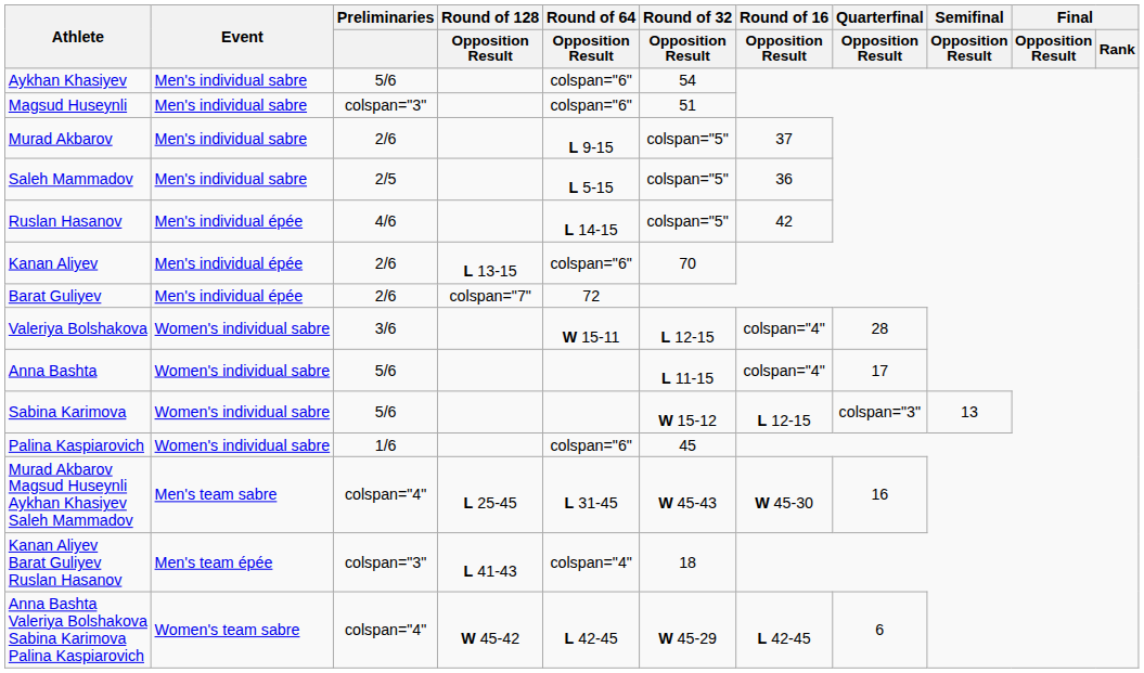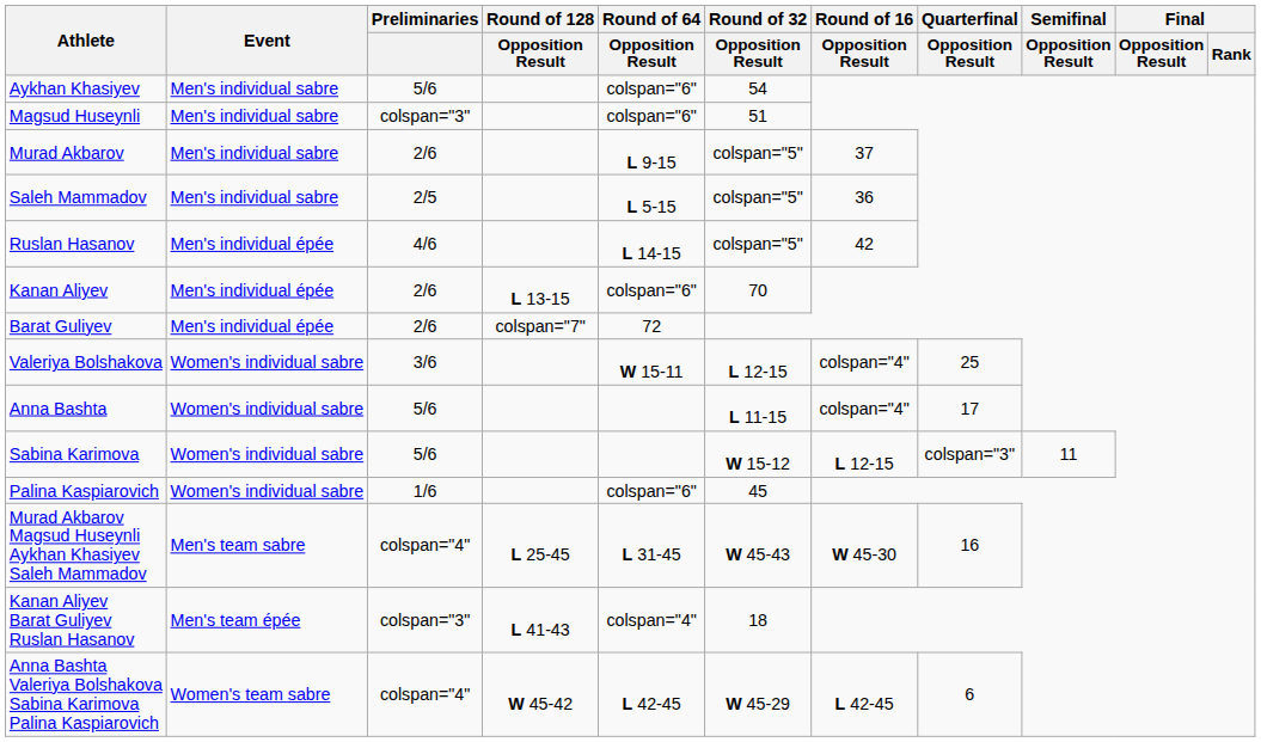 <table class="wikitable" style="text-align:center; font-size:90%">
 <tr>
 <th rowspan="2">Athlete</th>
 <th rowspan="2">Event</th>
 <th>Preliminaries</th>
 <th>Round of 128</th>
 <th>Round of 64</th>
 <th>Round of 32</th>
 <th>Round of 16</th>
 <th>Quarterfinal</th>
 <th>Semifinal</th>
 <th colspan="2">Final</th>
 </tr>
 <tr style="font-size:95%">
 <th></th>
 <th>Opposition<br>Result</th>
 <th>Opposition<br>Result</th>
 <th>Opposition<br>Result</th>
 <th>Opposition<br>Result</th>
 <th>Opposition<br>Result</th>
 <th>Opposition<br>Result</th>
 <th>Opposition<br>Result</th>
 <th>Rank</th>
 </tr>
 <tr>
 <td align="left"><a href='#'>Aykhan Khasiyev</a></td>
 <td align="left"><a href='#'>Men's individual sabre</a></td>
 <td>5/6</td>
 <td></td>
 <td>colspan="6" </td>
 <td>54</td>
 </tr>
 <tr>
 <td align="left"><a href='#'>Magsud Huseynli</a></td>
 <td align="left"><a href='#'>Men's individual sabre</a></td>
 <td>colspan="3" </td>
 <td></td>
 <td>colspan="6" </td>
 <td>51</td>
 </tr>
 <tr>
 <td align="left"><a href='#'>Murad Akbarov</a></td>
 <td align="left"><a href='#'>Men's individual sabre</a></td>
 <td>2/6</td>
 <td></td>
 <td><br><strong>L</strong> 9-15</td>
 <td>colspan="5" </td>
 <td>37</td>
 </tr>
 <tr>
 <td align="left"><a href='#'>Saleh Mammadov</a></td>
 <td align="left"><a href='#'>Men's individual sabre</a></td>
 <td>2/5</td>
 <td></td>
 <td><br><strong>L</strong> 5-15</td>
 <td>colspan="5" </td>
 <td>36</td>
 </tr>
 <tr>
 <td align="left"><a href='#'>Ruslan Hasanov</a></td>
 <td align="left"><a href='#'>Men's individual épée</a></td>
 <td>4/6</td>
 <td></td>
 <td><br><strong>L</strong> 14-15</td>
 <td>colspan="5" </td>
 <td>42</td>
 </tr>
 <tr>
 <td align="left"><a href='#'>Kanan Aliyev</a></td>
 <td align="left"><a href='#'>Men's individual épée</a></td>
 <td>2/6</td>
 <td><br><strong>L</strong> 13-15</td>
 <td>colspan="6" </td>
 <td>70</td>
 </tr>
 <tr>
 <td align="left"><a href='#'>Barat Guliyev</a></td>
 <td align="left"><a href='#'>Men's individual épée</a></td>
 <td>2/6</td>
 <td>colspan="7" </td>
 <td>72</td>
 </tr>
 <tr>
 <td align="left"><a href='#'>Valeriya Bolshakova</a></td>
 <td align="left"><a href='#'>Women's individual sabre</a></td>
 <td>3/6</td>
 <td></td>
 <td><br><strong>W</strong> 15-11</td>
 <td><br><strong>L</strong> 12-15</td>
 <td>colspan="4" </td>
-<td>28</td>
+<td>25</td>
 </tr>
 <tr>
 <td align="left"><a href='#'>Anna Bashta</a></td>
 <td align="left"><a href='#'>Women's individual sabre</a></td>
 <td>5/6</td>
 <td></td>
 <td></td>
 <td><br><strong>L</strong> 11-15</td>
 <td>colspan="4" </td>
 <td>17</td>
 </tr>
 <tr>
 <td align="left"><a href='#'>Sabina Karimova</a></td>
 <td align="left"><a href='#'>Women's individual sabre</a></td>
 <td>5/6</td>
 <td></td>
 <td></td>
 <td><br><strong>W</strong> 15-12</td>
 <td><br><strong>L</strong> 12-15</td>
 <td>colspan="3" </td>
-<td>13</td>
+<td>11</td>
 </tr>
 <tr>
 <td align="left"><a href='#'>Palina Kaspiarovich</a></td>
 <td align="left"><a href='#'>Women's individual sabre</a></td>
 <td>1/6</td>
 <td></td>
 <td>colspan="6" </td>
 <td>45</td>
 </tr>
 <tr>
 <td align="left"><a href='#'>Murad Akbarov</a><br><a href='#'>Magsud Huseynli</a><br><a href='#'>Aykhan Khasiyev</a><br><a href='#'>Saleh Mammadov</a></td>
 <td align="left"><a href='#'>Men's team sabre</a></td>
 <td>colspan="4" </td>
 <td><br><strong>L</strong> 25-45</td>
 <td><br><strong>L</strong> 31-45</td>
 <td><br><strong>W</strong> 45-43</td>
 <td><br><strong>W</strong> 45-30</td>
 <td>16</td>
 </tr>
 <tr>
 <td align="left"><a href='#'>Kanan Aliyev</a><br><a href='#'>Barat Guliyev</a><br><a href='#'>Ruslan Hasanov</a></td>
 <td align="left"><a href='#'>Men's team épée</a></td>
 <td>colspan="3" </td>
 <td><br><strong>L</strong> 41-43</td>
 <td>colspan="4" </td>
 <td>18</td>
 </tr>
 <tr>
 <td align="left"><a href='#'>Anna Bashta</a><br><a href='#'>Valeriya Bolshakova</a><br><a href='#'>Sabina Karimova</a><br><a href='#'>Palina Kaspiarovich</a></td>
 <td align="left"><a href='#'>Women's team sabre</a></td>
 <td>colspan="4" </td>
 <td><br><strong>W</strong> 45-42</td>
 <td><br><strong>L</strong> 42-45</td>
 <td><br><strong>W</strong> 45-29</td>
 <td><br><strong>L</strong> 42-45</td>
 <td>6</td>
 </tr>
 </table>
